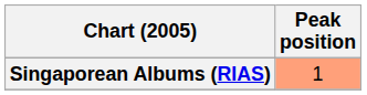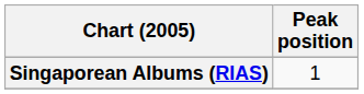 <table class="wikitable sortable plainrowheaders" style="text-align:center">
 <tr>
 <th scope="col">Chart (2005)</th>
 <th scope="col">Peak<br>position</th>
 </tr>
 <tr>
 </tr>
 <tr>
 </tr>
 <tr>
 </tr>
 <tr>
 </tr>
 <tr>
 </tr>
 <tr>
 </tr>
 <tr>
 </tr>
 <tr>
 </tr>
 <tr>
 </tr>
 <tr>
 </tr>
 <tr>
 <th scope="row">Singaporean Albums (<a href='#'>RIAS</a>)</th>
-<td style="background: lightsalmon;">1</td>
+<td>1</td>
 </tr>
 <tr>
 </tr>
 <tr>
 </tr>
 <tr>
 </tr>
 <tr>
 </tr>
 <tr>
 </tr>
 </table>
